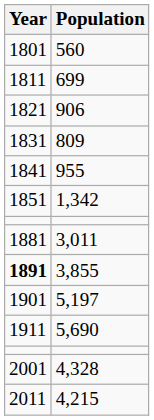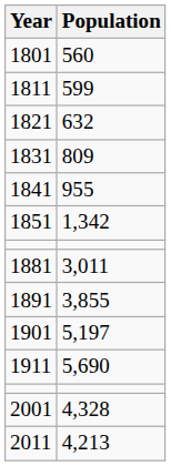 <table class="wikitable">
 <tr>
 <th>Year</th>
 <th>Population</th>
 </tr>
 <tr>
 <td>1801</td>
 <td>560</td>
 </tr>
 <tr>
 <td>1811</td>
-<td>699</td>
+<td>599</td>
 </tr>
 <tr>
 <td>1821</td>
-<td>906</td>
+<td>632</td>
 </tr>
 <tr>
 <td>1831</td>
 <td>809</td>
 </tr>
 <tr>
 <td>1841</td>
 <td>955</td>
 </tr>
 <tr>
 <td>1851</td>
 <td>1,342</td>
 </tr>
 <tr>
 <td></td>
 <td></td>
 </tr>
 <tr>
 <td>1881</td>
 <td>3,011</td>
 </tr>
 <tr>
-<td><strong>1891</strong></td>
+<td>1891</td>
 <td>3,855</td>
 </tr>
 <tr>
 <td>1901</td>
 <td>5,197</td>
 </tr>
 <tr>
 <td>1911</td>
 <td>5,690</td>
 </tr>
 <tr>
 <td></td>
 <td></td>
 </tr>
 <tr>
 <td>2001</td>
 <td>4,328</td>
 </tr>
 <tr>
 <td>2011</td>
-<td>4,215</td>
+<td>4,213</td>
 </tr>
 </table>
